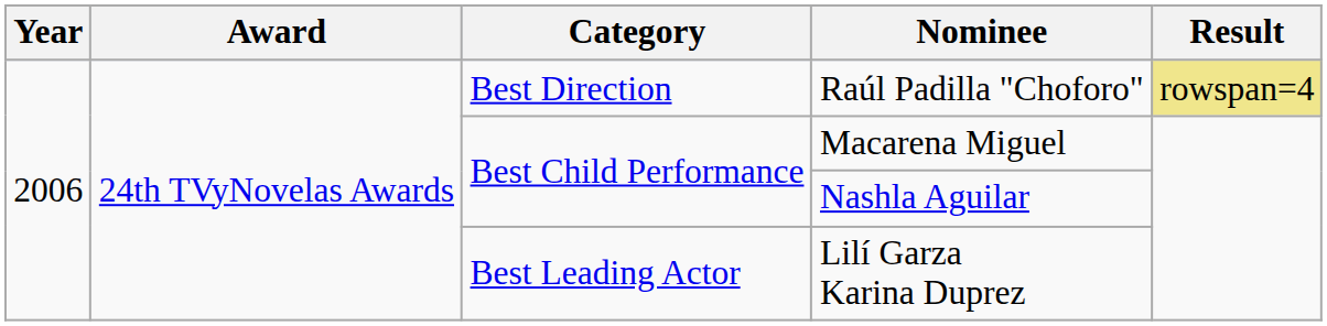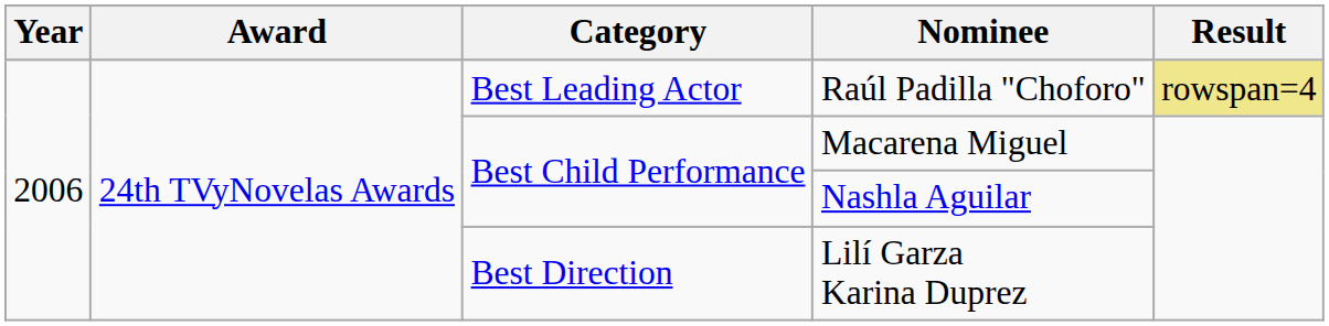 <table class="wikitable">
 <tr style="background:#b0c4de;">
 <th>Year</th>
 <th>Award</th>
 <th>Category</th>
 <th>Nominee</th>
 <th>Result</th>
 </tr>
 <tr>
 <td rowspan=4>2006</td>
 <td rowspan=4><a href='#'>24th TVyNovelas Awards</a></td>
-<td><a href='#'>Best Direction</a></td>
+<td><a href='#'>Best Leading Actor</a></td>
 <td>Raúl Padilla "Choforo"</td>
 <td style="background: khaki;">rowspan=4 </td>
 </tr>
 <tr>
 <td rowspan=2><a href='#'>Best Child Performance</a></td>
 <td>Macarena Miguel</td>
 </tr>
 <tr>
 <td><a href='#'>Nashla Aguilar</a></td>
 </tr>
 <tr>
-<td><a href='#'>Best Leading Actor</a></td>
+<td><a href='#'>Best Direction</a></td>
 <td>Lilí Garza<br>Karina Duprez</td>
 </tr>
 </table>
